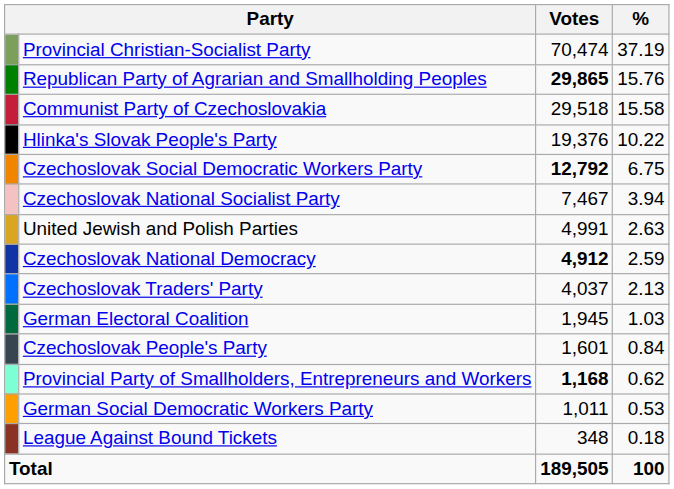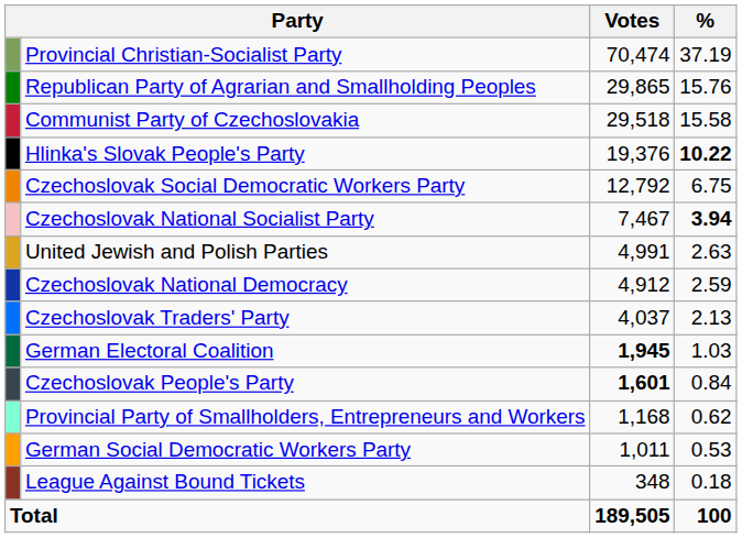 <table class=wikitable style=text-align:right>
 <tr>
 <th colspan=2>Party</th>
 <th>Votes</th>
 <th>%</th>
 </tr>
 <tr>
 <td bgcolor="#7BA05B"> </td>
 <td align=left><a href='#'>Provincial Christian-Socialist Party</a></td>
 <td>70,474</td>
 <td>37.19</td>
 </tr>
 <tr>
 <td bgcolor="#008000"> </td>
 <td align=left><a href='#'>Republican Party of Agrarian and Smallholding Peoples</a></td>
-<td><strong>29,865</strong></td>
+<td>29,865</td>
 <td>15.76</td>
 </tr>
 <tr>
 <td bgcolor="#C41E3A"> </td>
 <td align=left><a href='#'>Communist Party of Czechoslovakia</a></td>
 <td>29,518</td>
 <td>15.58</td>
 </tr>
 <tr>
 <td bgcolor="#000000"> </td>
 <td align=left><a href='#'>Hlinka's Slovak People's Party</a></td>
 <td>19,376</td>
-<td>10.22</td>
+<td><strong>10.22</strong></td>
 </tr>
 <tr>
 <td bgcolor="F28500"> </td>
 <td align=left><a href='#'>Czechoslovak Social Democratic Workers Party</a></td>
-<td><strong>12,792</strong></td>
+<td>12,792</td>
 <td>6.75</td>
 </tr>
 <tr>
 <td bgcolor="F4C2C2"> </td>
 <td align=left><a href='#'>Czechoslovak National Socialist Party</a></td>
 <td>7,467</td>
-<td>3.94</td>
+<td><strong>3.94</strong></td>
 </tr>
 <tr>
 <td bgcolor="#DAA520"> </td>
 <td align=left>United Jewish and Polish Parties</td>
 <td>4,991</td>
 <td>2.63</td>
 </tr>
 <tr>
 <td bgcolor="#1034A6"> </td>
 <td align=left><a href='#'>Czechoslovak National Democracy</a></td>
-<td><strong>4,912</strong></td>
+<td>4,912</td>
 <td>2.59</td>
 </tr>
 <tr>
 <td bgcolor="#0070FF"> </td>
 <td align=left><a href='#'>Czechoslovak Traders' Party</a></td>
 <td>4,037</td>
 <td>2.13</td>
 </tr>
 <tr>
 <td bgcolor="#00693E"> </td>
 <td align=left><a href='#'>German Electoral Coalition</a></td>
-<td>1,945</td>
+<td><strong>1,945</strong></td>
 <td>1.03</td>
 </tr>
 <tr>
 <td bgcolor="#36454F"> </td>
 <td align=left><a href='#'>Czechoslovak People's Party</a></td>
-<td>1,601</td>
+<td><strong>1,601</strong></td>
 <td>0.84</td>
 </tr>
 <tr>
 <td bgcolor="#7FFFD4"> </td>
 <td align=left><a href='#'>Provincial Party of Smallholders, Entrepreneurs and Workers</a></td>
-<td><strong>1,168</strong></td>
+<td>1,168</td>
 <td>0.62</td>
 </tr>
 <tr>
 <td bgcolor="#FFA000"> </td>
 <td align=left><a href='#'>German Social Democratic Workers Party</a></td>
 <td>1,011</td>
 <td>0.53</td>
 </tr>
 <tr>
 <td bgcolor="#8A3324"> </td>
 <td align=left><a href='#'>League Against Bound Tickets</a></td>
 <td>348</td>
 <td>0.18</td>
 </tr>
 <tr>
 <td colspan=2 align=left><strong>Total</strong></td>
 <td><strong>189,505</strong></td>
 <td><strong>100</strong></td>
 </tr>
 </table>
